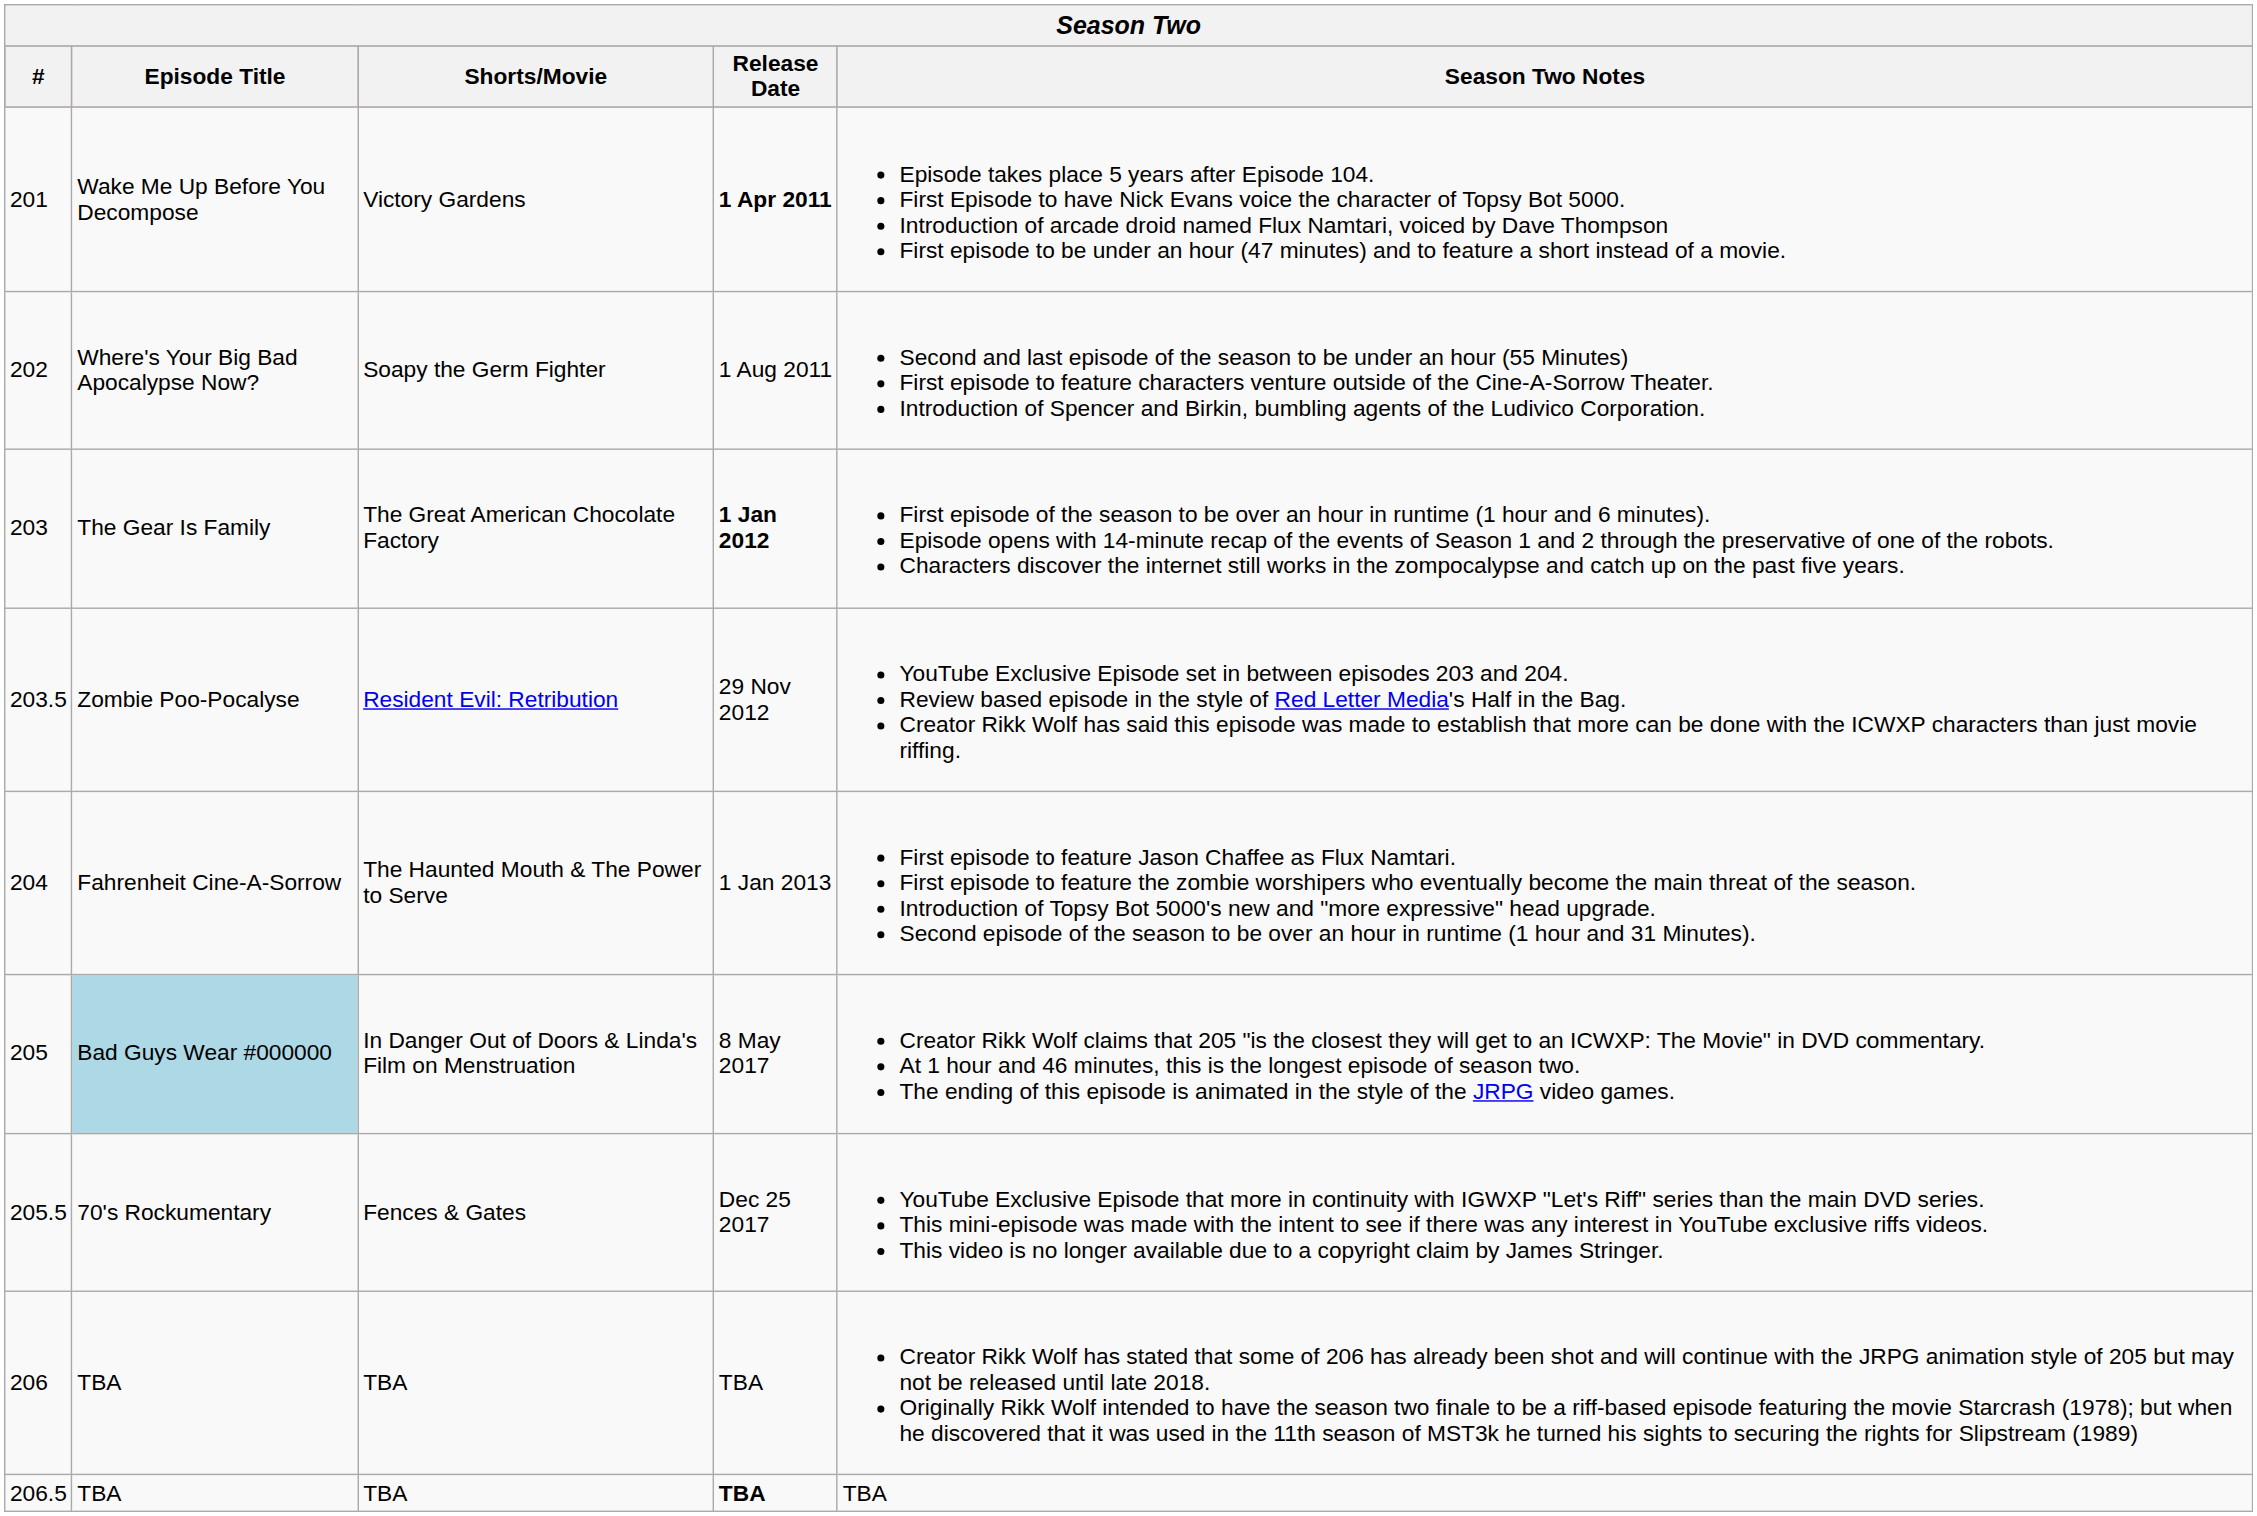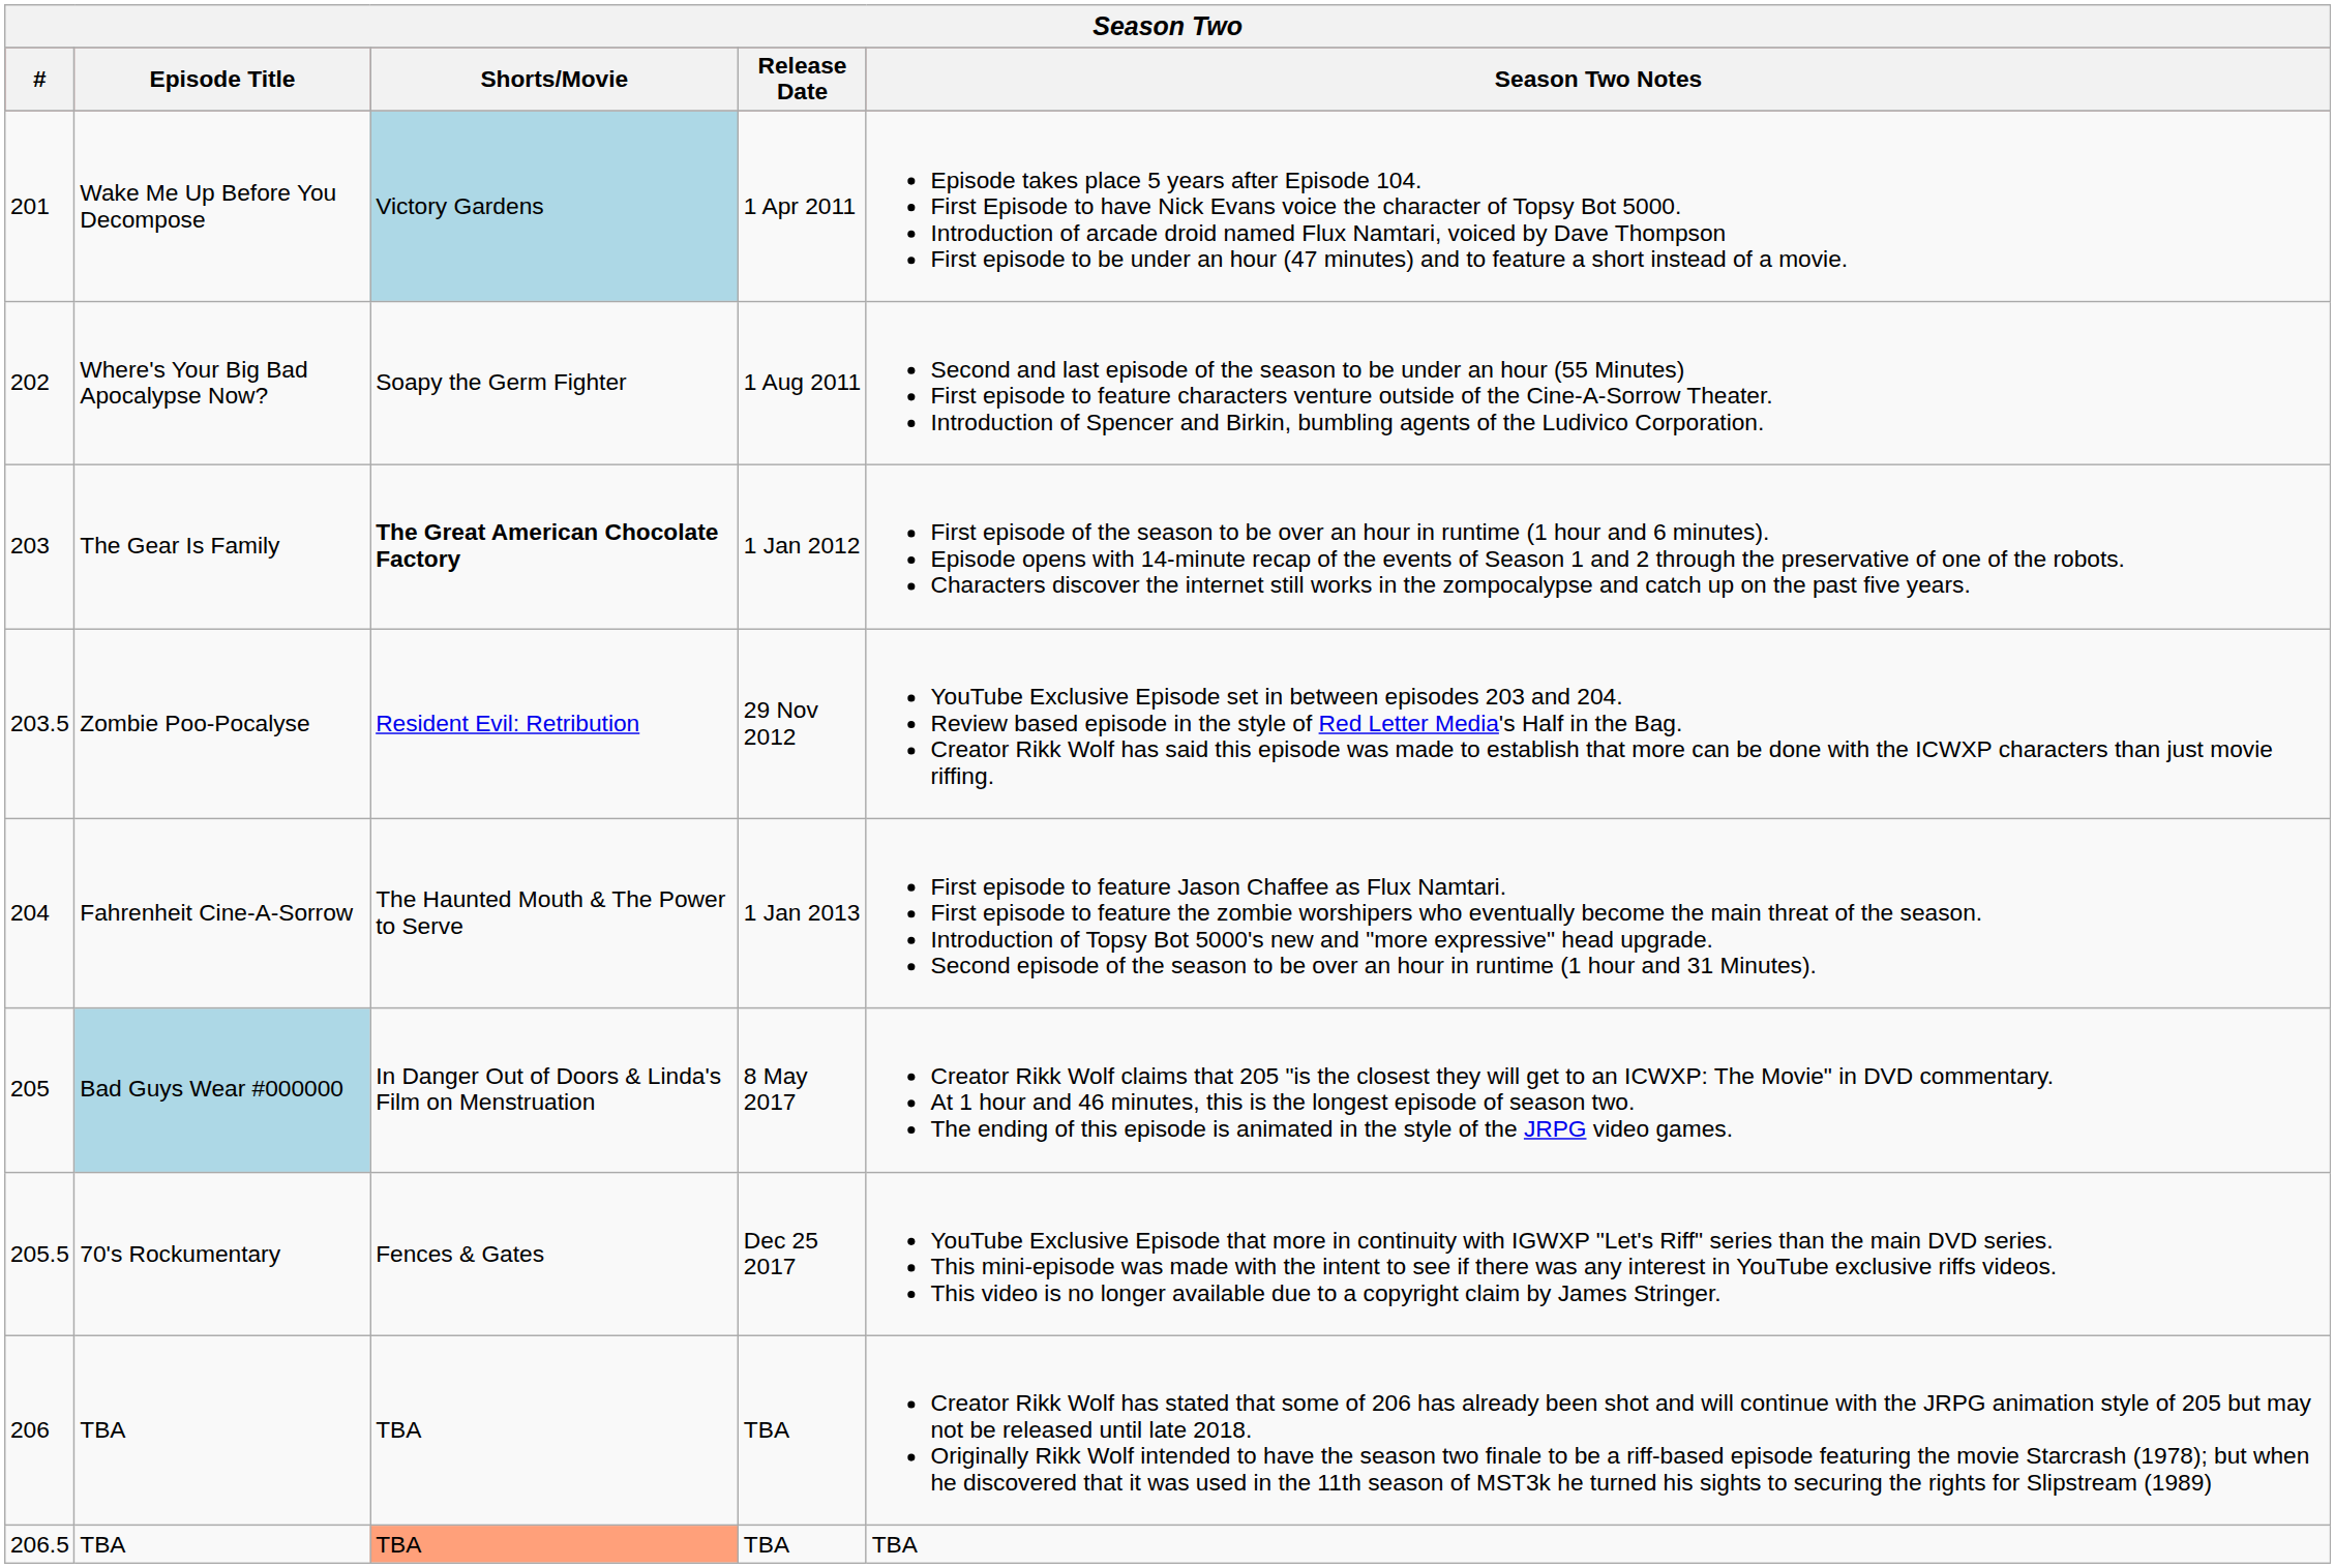 <table class="wikitable" style="width:100%">
 <tr style="text-align:center;">
 <th colspan="16" style="font-size:110%;"><em>Season Two</em></th>
 </tr>
 <tr style="text-align:center; background:#9F2929">
 <th>#</th>
 <th>Episode Title</th>
 <th>Shorts/Movie</th>
 <th>Release Date</th>
 <th>Season Two Notes</th>
 </tr>
 <tr>
 <td>201</td>
 <td>Wake Me Up Before You Decompose</td>
-<td>Victory Gardens</td>
-<td><strong>1 Apr 2011</strong></td>
+<td style="background: lightblue;">Victory Gardens</td>
+<td>1 Apr 2011</td>
 <td><br><ul><li>Episode takes place 5 years after Episode 104.</li><li>First Episode to have Nick Evans voice the character of Topsy Bot 5000.</li><li>Introduction of arcade droid named Flux Namtari, voiced by Dave Thompson</li><li>First episode to be under an hour (47 minutes) and to feature a short instead of a movie.</li></ul></td>
 </tr>
 <tr>
 <td>202</td>
 <td>Where's Your Big Bad Apocalypse Now?</td>
 <td>Soapy the Germ Fighter</td>
 <td>1 Aug 2011</td>
 <td><br><ul><li>Second and last episode of the season to be under an hour (55 Minutes)</li><li>First episode to feature characters venture outside of the Cine-A-Sorrow Theater.</li><li>Introduction of Spencer and Birkin, bumbling agents of the Ludivico Corporation.</li></ul></td>
 </tr>
 <tr>
 <td>203</td>
 <td>The Gear Is Family</td>
-<td>The Great American Chocolate Factory</td>
-<td><strong>1 Jan 2012</strong></td>
+<td><strong>The Great American Chocolate Factory</strong></td>
+<td>1 Jan 2012</td>
 <td><br><ul><li>First episode of the season to be over an hour in runtime (1 hour and 6 minutes).</li><li>Episode opens with 14-minute recap of the events of Season 1 and 2 through the preservative of one of the robots.</li><li>Characters discover the internet still works in the zompocalypse and catch up on the past five years.</li></ul></td>
 </tr>
 <tr>
 <td>203.5</td>
 <td>Zombie Poo-Pocalyse</td>
 <td><a href='#'>Resident Evil: Retribution</a></td>
 <td>29 Nov 2012</td>
 <td><br><ul><li>YouTube Exclusive Episode set in between episodes 203 and 204.</li><li>Review based episode in the style of <a href='#'>Red Letter Media</a>'s Half in the Bag.</li><li>Creator Rikk Wolf has said this episode was made to establish that more can be done with the ICWXP characters than just movie riffing.</li></ul></td>
 </tr>
 <tr>
 <td>204</td>
 <td>Fahrenheit Cine-A-Sorrow</td>
 <td>The Haunted Mouth & The Power to Serve</td>
 <td>1 Jan 2013</td>
 <td><br><ul><li>First episode to feature Jason Chaffee as Flux Namtari.</li><li>First episode to feature the zombie worshipers who eventually become the main threat of the season.</li><li>Introduction of Topsy Bot 5000's new and "more expressive" head upgrade.</li><li>Second episode of the season to be over an hour in runtime (1 hour and 31 Minutes).</li></ul></td>
 </tr>
 <tr>
 <td>205</td>
 <td style="background: lightblue;">Bad Guys Wear #000000</td>
 <td>In Danger Out of Doors & Linda's Film on Menstruation</td>
 <td>8 May 2017</td>
 <td><br><ul><li>Creator Rikk Wolf claims that 205 "is the closest they will get to an ICWXP: The Movie" in DVD commentary.</li><li>At 1 hour and 46 minutes, this is the longest episode of season two.</li><li>The ending of this episode is animated in the style of the <a href='#'>JRPG</a> video games.</li></ul></td>
 </tr>
 <tr>
 <td>205.5</td>
 <td>70's Rockumentary</td>
 <td>Fences & Gates</td>
 <td>Dec 25 2017</td>
 <td><br><ul><li>YouTube Exclusive Episode that more in continuity with IGWXP "Let's Riff" series than the main DVD series.</li><li>This mini-episode was made with the intent to see if there was any interest in YouTube exclusive riffs videos.</li><li>This video is no longer available due to a copyright claim by James Stringer.</li></ul></td>
 </tr>
 <tr>
 <td>206</td>
 <td>TBA</td>
 <td>TBA</td>
 <td>TBA</td>
 <td><br><ul><li>Creator Rikk Wolf has stated that some of 206 has already been shot and will continue with the JRPG animation style of 205 but may not be released until late 2018.</li><li>Originally Rikk Wolf intended to have the season two finale to be a riff-based episode featuring the movie Starcrash (1978); but when he discovered that it was used in the 11th season of MST3k he turned his sights to securing the rights for Slipstream (1989)</li></ul></td>
 </tr>
 <tr>
 <td>206.5</td>
 <td>TBA</td>
+<td style="background: lightsalmon;">TBA</td>
 <td>TBA</td>
-<td><strong>TBA</strong></td>
 <td>TBA</td>
 </tr>
 </table>
